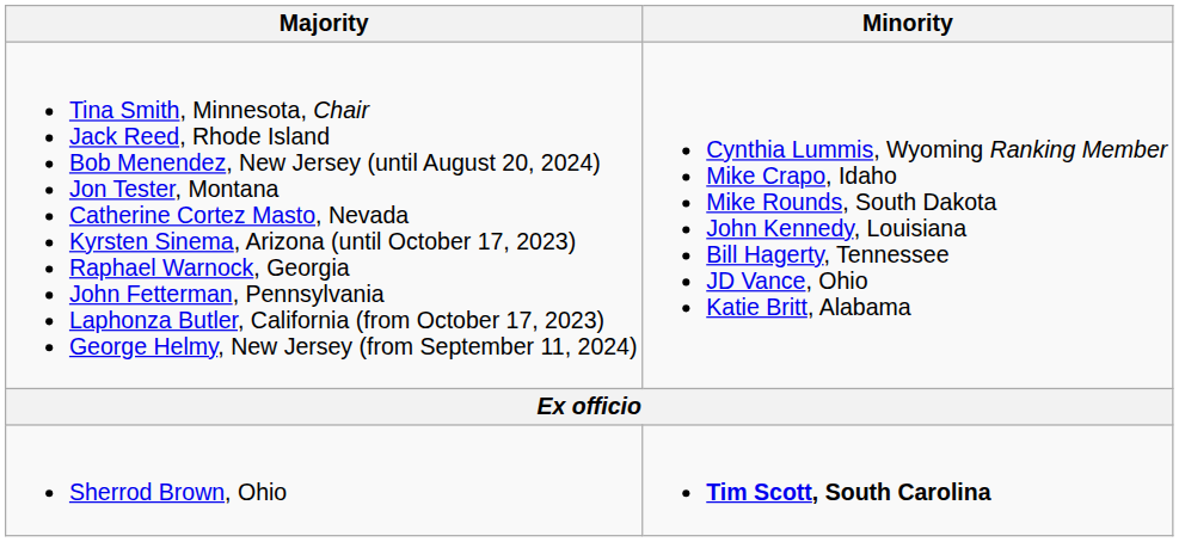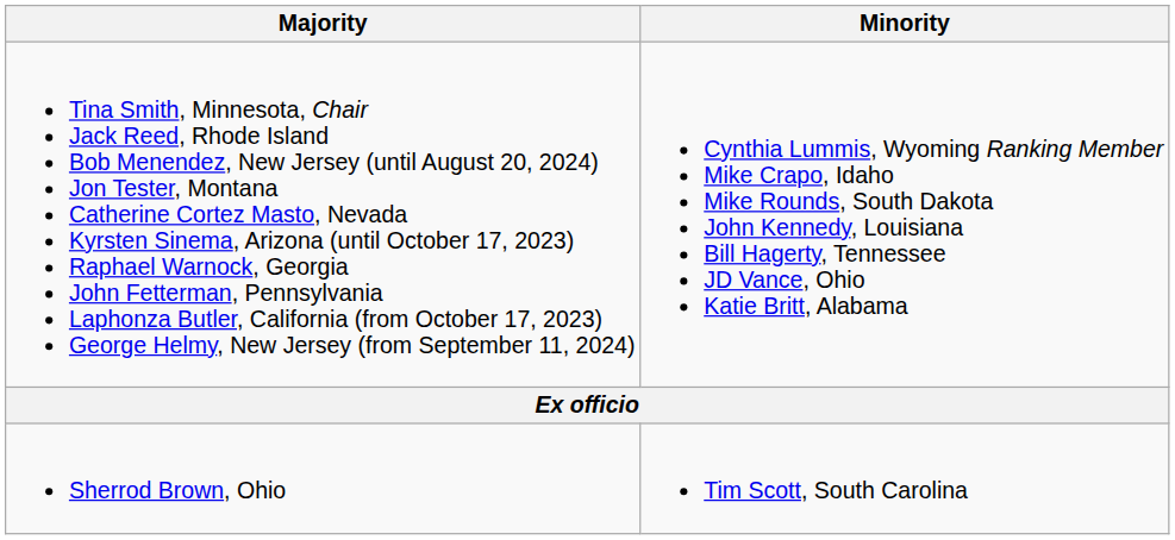 <table class=wikitable>
 <tr>
 <th>Majority</th>
 <th>Minority</th>
 </tr>
 <tr>
 <td><br><ul><li><a href='#'>Tina Smith</a>, Minnesota, <em>Chair</em></li><li><a href='#'>Jack Reed</a>, Rhode Island</li><li><a href='#'>Bob Menendez</a>, New Jersey (until August 20, 2024)</li><li><a href='#'>Jon Tester</a>, Montana</li><li><a href='#'>Catherine Cortez Masto</a>, Nevada</li><li><span><a href='#'>Kyrsten Sinema</a>, Arizona (until October 17, 2023)</span></li><li><a href='#'>Raphael Warnock</a>, Georgia</li><li><a href='#'>John Fetterman</a>, Pennsylvania</li><li><a href='#'>Laphonza Butler</a>, California (from October 17, 2023)</li><li><a href='#'>George Helmy</a>, New Jersey (from September 11, 2024)</li></ul></td>
 <td><br><ul><li><a href='#'>Cynthia Lummis</a>, Wyoming <em>Ranking Member</em></li><li><a href='#'>Mike Crapo</a>, Idaho</li><li><a href='#'>Mike Rounds</a>, South Dakota</li><li><a href='#'>John Kennedy</a>, Louisiana</li><li><a href='#'>Bill Hagerty</a>, Tennessee</li><li><a href='#'>JD Vance</a>, Ohio</li><li><a href='#'>Katie Britt</a>, Alabama</li></ul></td>
 </tr>
 <tr>
 <th colspan=2><em>Ex officio</em></th>
 </tr>
 <tr>
 <td><br><ul><li><a href='#'>Sherrod Brown</a>, Ohio</li></ul></td>
-<td><strong><br><ul><li><a href='#'>Tim Scott</a>, South Carolina</li></ul></strong></td>
+<td><br><ul><li><a href='#'>Tim Scott</a>, South Carolina</li></ul></td>
 </tr>
 </table>
